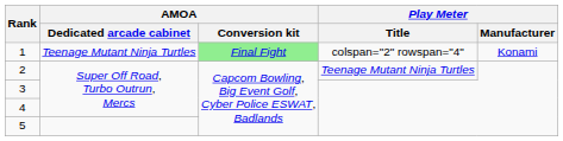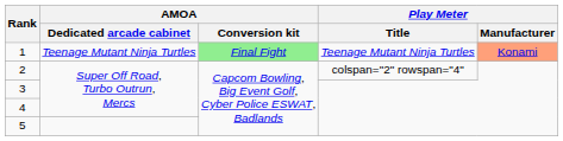 <table class="wikitable sortable" style="text-align:center">
 <tr>
 <th rowspan="2">Rank</th>
 <th colspan="2">AMOA</th>
 <th colspan="2"><em><a href='#'>Play Meter</a></em></th>
 </tr>
 <tr>
 <th>Dedicated <a href='#'>arcade cabinet</a></th>
 <th>Conversion kit</th>
 <th>Title</th>
 <th>Manufacturer</th>
 </tr>
 <tr>
 <td>1</td>
 <td><em><a href='#'>Teenage Mutant Ninja Turtles</a></em></td>
 <td style="background: lightgreen;"><em><a href='#'>Final Fight</a></em></td>
-<td>colspan="2" rowspan="4" </td>
-<td><a href='#'>Konami</a></td>
+<td><em><a href='#'>Teenage Mutant Ninja Turtles</a></em></td>
+<td style="background: lightsalmon;"><a href='#'>Konami</a></td>
 </tr>
 <tr>
 <td>2</td>
 <td rowspan="3"><em><a href='#'>Super Off Road</a></em>, <br> <em><a href='#'>Turbo Outrun</a></em>, <br> <em><a href='#'>Mercs</a></em></td>
 <td rowspan="4"><em><a href='#'>Capcom Bowling</a></em>, <br> <em><a href='#'>Big Event Golf</a></em>, <br> <em><a href='#'>Cyber Police ESWAT</a></em>, <br> <em><a href='#'>Badlands</a></em></td>
-<td><em><a href='#'>Teenage Mutant Ninja Turtles</a></em></td>
+<td>colspan="2" rowspan="4" </td>
 </tr>
 <tr>
 <td>3</td>
 </tr>
 <tr>
 <td>4</td>
 </tr>
 <tr>
 <td>5</td>
 <td></td>
 </tr>
 </table>
